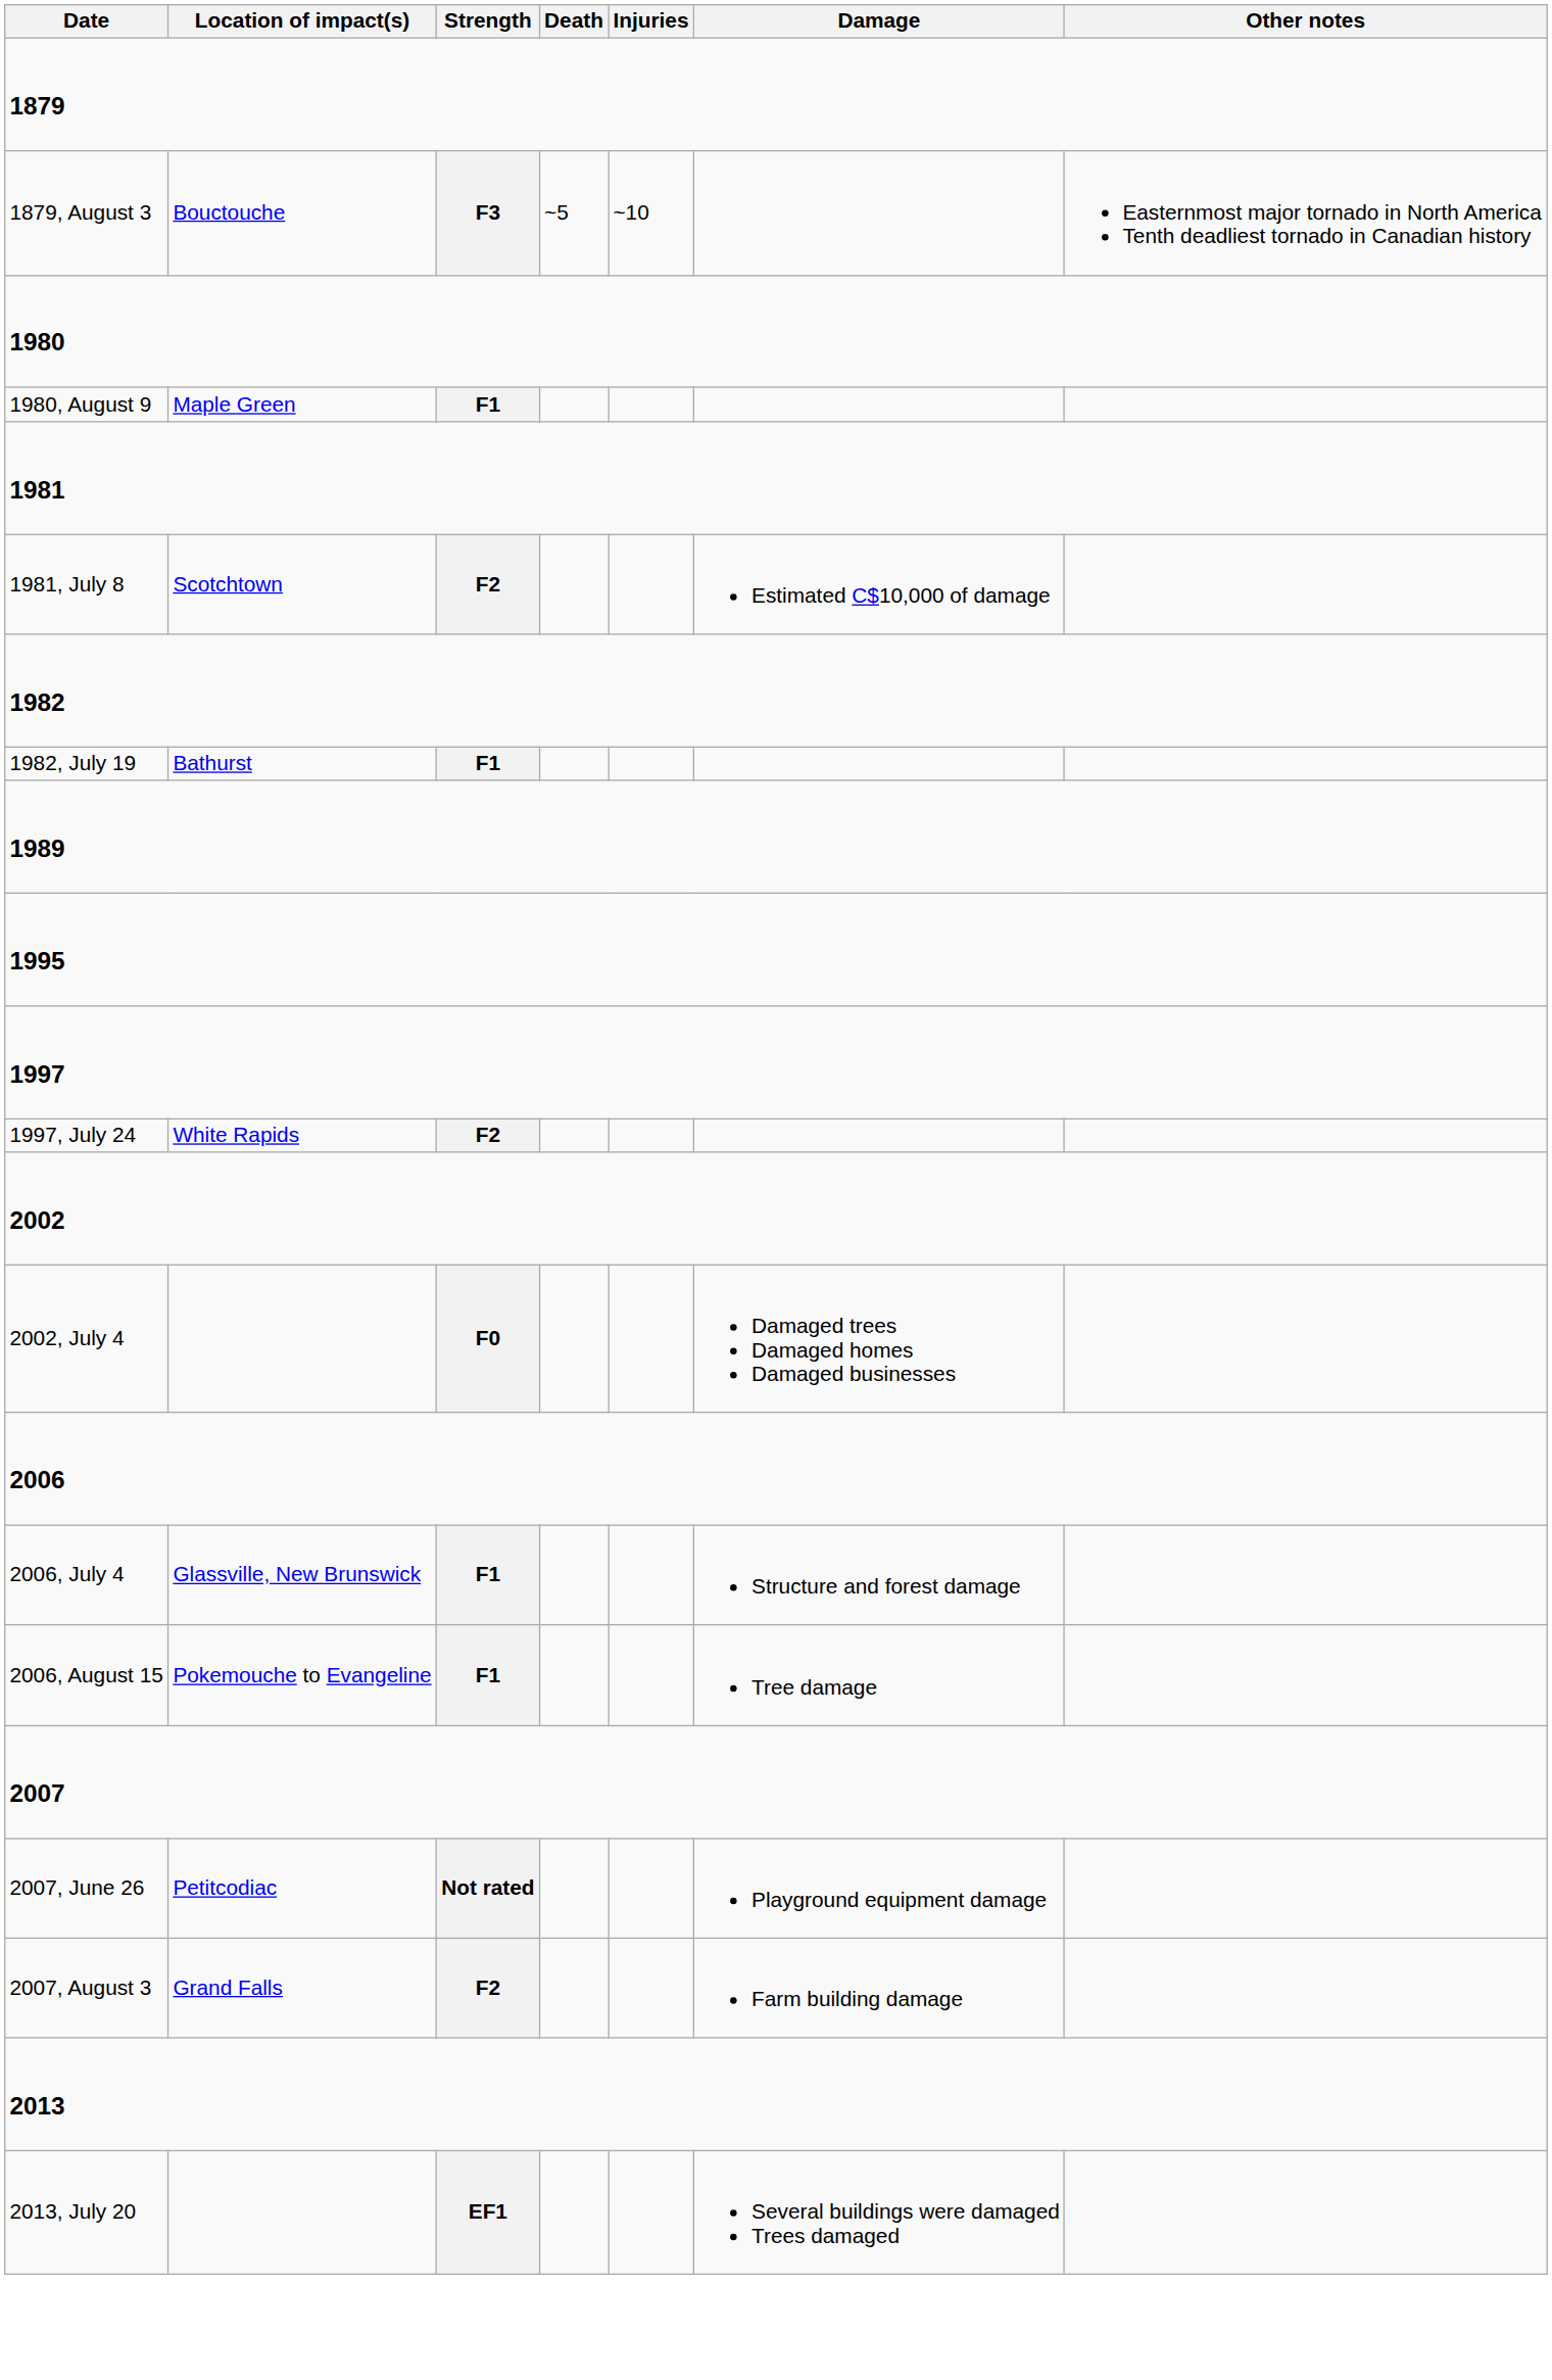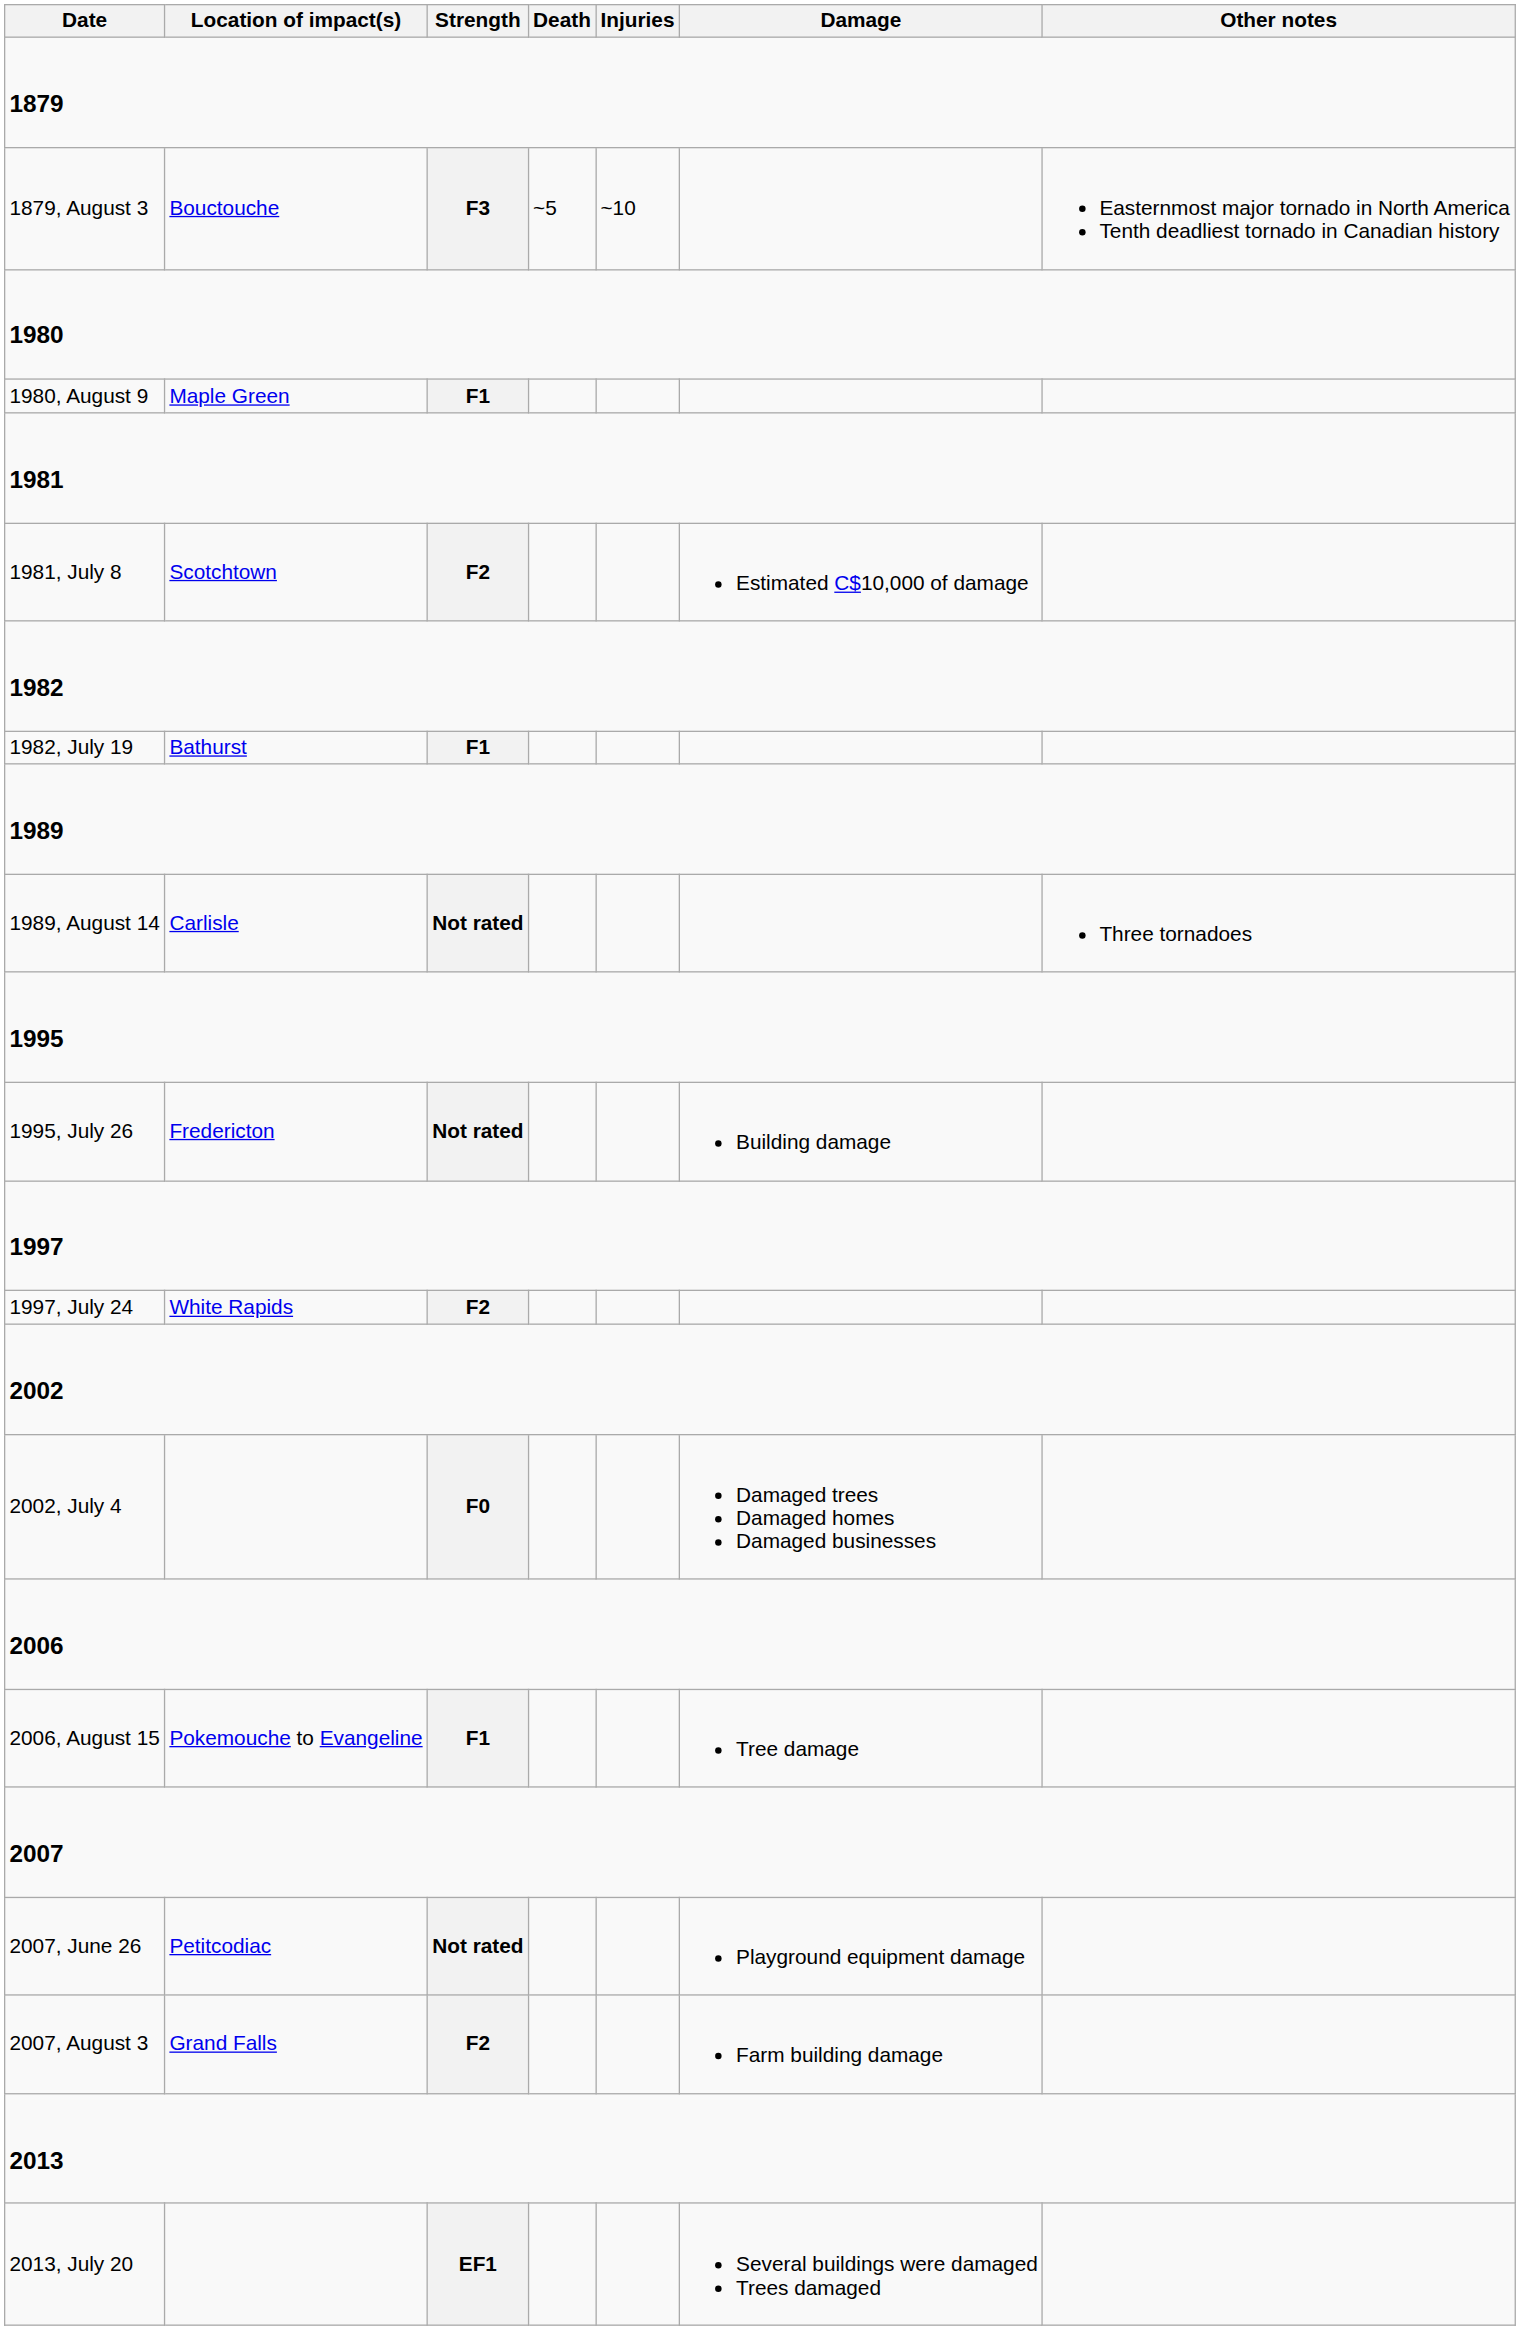 <table class="wikitable mw-collapsible">
 <tr>
 <th>Date</th>
 <th>Location of impact(s)</th>
 <th>Strength</th>
 <th>Death</th>
 <th>Injuries</th>
 <th>Damage</th>
 <th>Other notes</th>
 </tr>
 <tr>
 <td colspan="7"><br><h3>1879</h3></td>
 </tr>
 <tr>
 <td>1879, August 3</td>
 <td><a href='#'>Bouctouche</a></td>
 <th style="background-color:#">F3</th>
 <td>~5</td>
 <td>~10</td>
 <td></td>
 <td><br><ul><li>Easternmost major tornado in North America</li><li>Tenth deadliest tornado in Canadian history</li></ul></td>
 </tr>
 <tr>
 <td colspan="7"><br><h3>1980</h3></td>
 </tr>
 <tr>
 <td>1980, August 9</td>
 <td><a href='#'>Maple Green</a></td>
 <th style="background-color:#">F1</th>
 <td></td>
 <td></td>
 <td></td>
 <td></td>
 </tr>
 <tr>
 <td colspan="7"><br><h3>1981</h3></td>
 </tr>
 <tr>
 <td>1981, July 8</td>
 <td><a href='#'>Scotchtown</a></td>
 <th style="background-color:#">F2</th>
 <td></td>
 <td></td>
 <td><br><ul><li>Estimated <a href='#'>C$</a>10,000 of damage</li></ul></td>
 <td></td>
 </tr>
 <tr>
 <td colspan="7"><br><h3>1982</h3></td>
 </tr>
 <tr>
 <td>1982, July 19</td>
 <td><a href='#'>Bathurst</a></td>
 <th style="background-color:#">F1</th>
 <td></td>
 <td></td>
 <td></td>
 <td></td>
 </tr>
 <tr>
 <td colspan="7"><br><h3>1989</h3></td>
 </tr>
 <tr>
+<td>1989, August 14</td>
+<td><a href='#'>Carlisle</a></td>
+<th>Not rated</th>
+<td></td>
+<td></td>
+<td></td>
+<td><br><ul><li>Three tornadoes</li></ul></td>
+</tr>
+<tr>
 <td colspan="7"><br><h3>1995</h3></td>
+</tr>
+<tr>
+<td>1995, July 26</td>
+<td><a href='#'>Fredericton</a></td>
+<th>Not rated</th>
+<td></td>
+<td></td>
+<td><br><ul><li>Building damage</li></ul></td>
+<td></td>
 </tr>
 <tr>
 <td colspan="7"><br><h3>1997</h3></td>
 </tr>
 <tr>
 <td>1997, July 24</td>
 <td><a href='#'>White Rapids</a></td>
 <th style="background-color:#">F2</th>
 <td></td>
 <td></td>
 <td></td>
 <td></td>
 </tr>
 <tr>
 <td colspan="7"><br><h3>2002</h3></td>
 </tr>
 <tr>
 <td>2002, July 4</td>
 <td></td>
 <th style="background-color:#">F0</th>
 <td></td>
 <td></td>
 <td><br><ul><li>Damaged trees</li><li>Damaged homes</li><li>Damaged businesses</li></ul></td>
 <td></td>
 </tr>
 <tr>
 <td colspan="7"><br><h3>2006</h3></td>
-</tr>
-<tr>
-<td>2006, July 4</td>
-<td><a href='#'>Glassville, New Brunswick</a></td>
-<th style="background-color:#">F1</th>
-<td></td>
-<td></td>
-<td><br><ul><li>Structure and forest damage</li></ul></td>
-<td></td>
 </tr>
 <tr>
 <td>2006, August 15</td>
 <td><a href='#'>Pokemouche</a> to <a href='#'>Evangeline</a></td>
 <th style="background-color:#">F1</th>
 <td></td>
 <td></td>
 <td><br><ul><li>Tree damage</li></ul></td>
 <td></td>
 </tr>
 <tr>
 <td colspan="7"><br><h3>2007</h3></td>
 </tr>
 <tr>
 <td>2007, June 26</td>
 <td><a href='#'>Petitcodiac</a></td>
 <th>Not rated</th>
 <td></td>
 <td></td>
 <td><br><ul><li>Playground equipment damage</li></ul></td>
 <td></td>
 </tr>
 <tr>
 <td>2007, August 3</td>
 <td><a href='#'>Grand Falls</a></td>
 <th style="background-color:#">F2</th>
 <td></td>
 <td></td>
 <td><br><ul><li>Farm building damage</li></ul></td>
 <td></td>
 </tr>
 <tr>
 <td colspan="7"><br><h3>2013</h3></td>
 </tr>
 <tr>
 <td>2013, July 20</td>
 <td></td>
 <th style="background-color:#">EF1</th>
 <td></td>
 <td></td>
 <td><br><ul><li>Several buildings were damaged</li><li>Trees damaged</li></ul></td>
 <td></td>
 </tr>
 </table>
